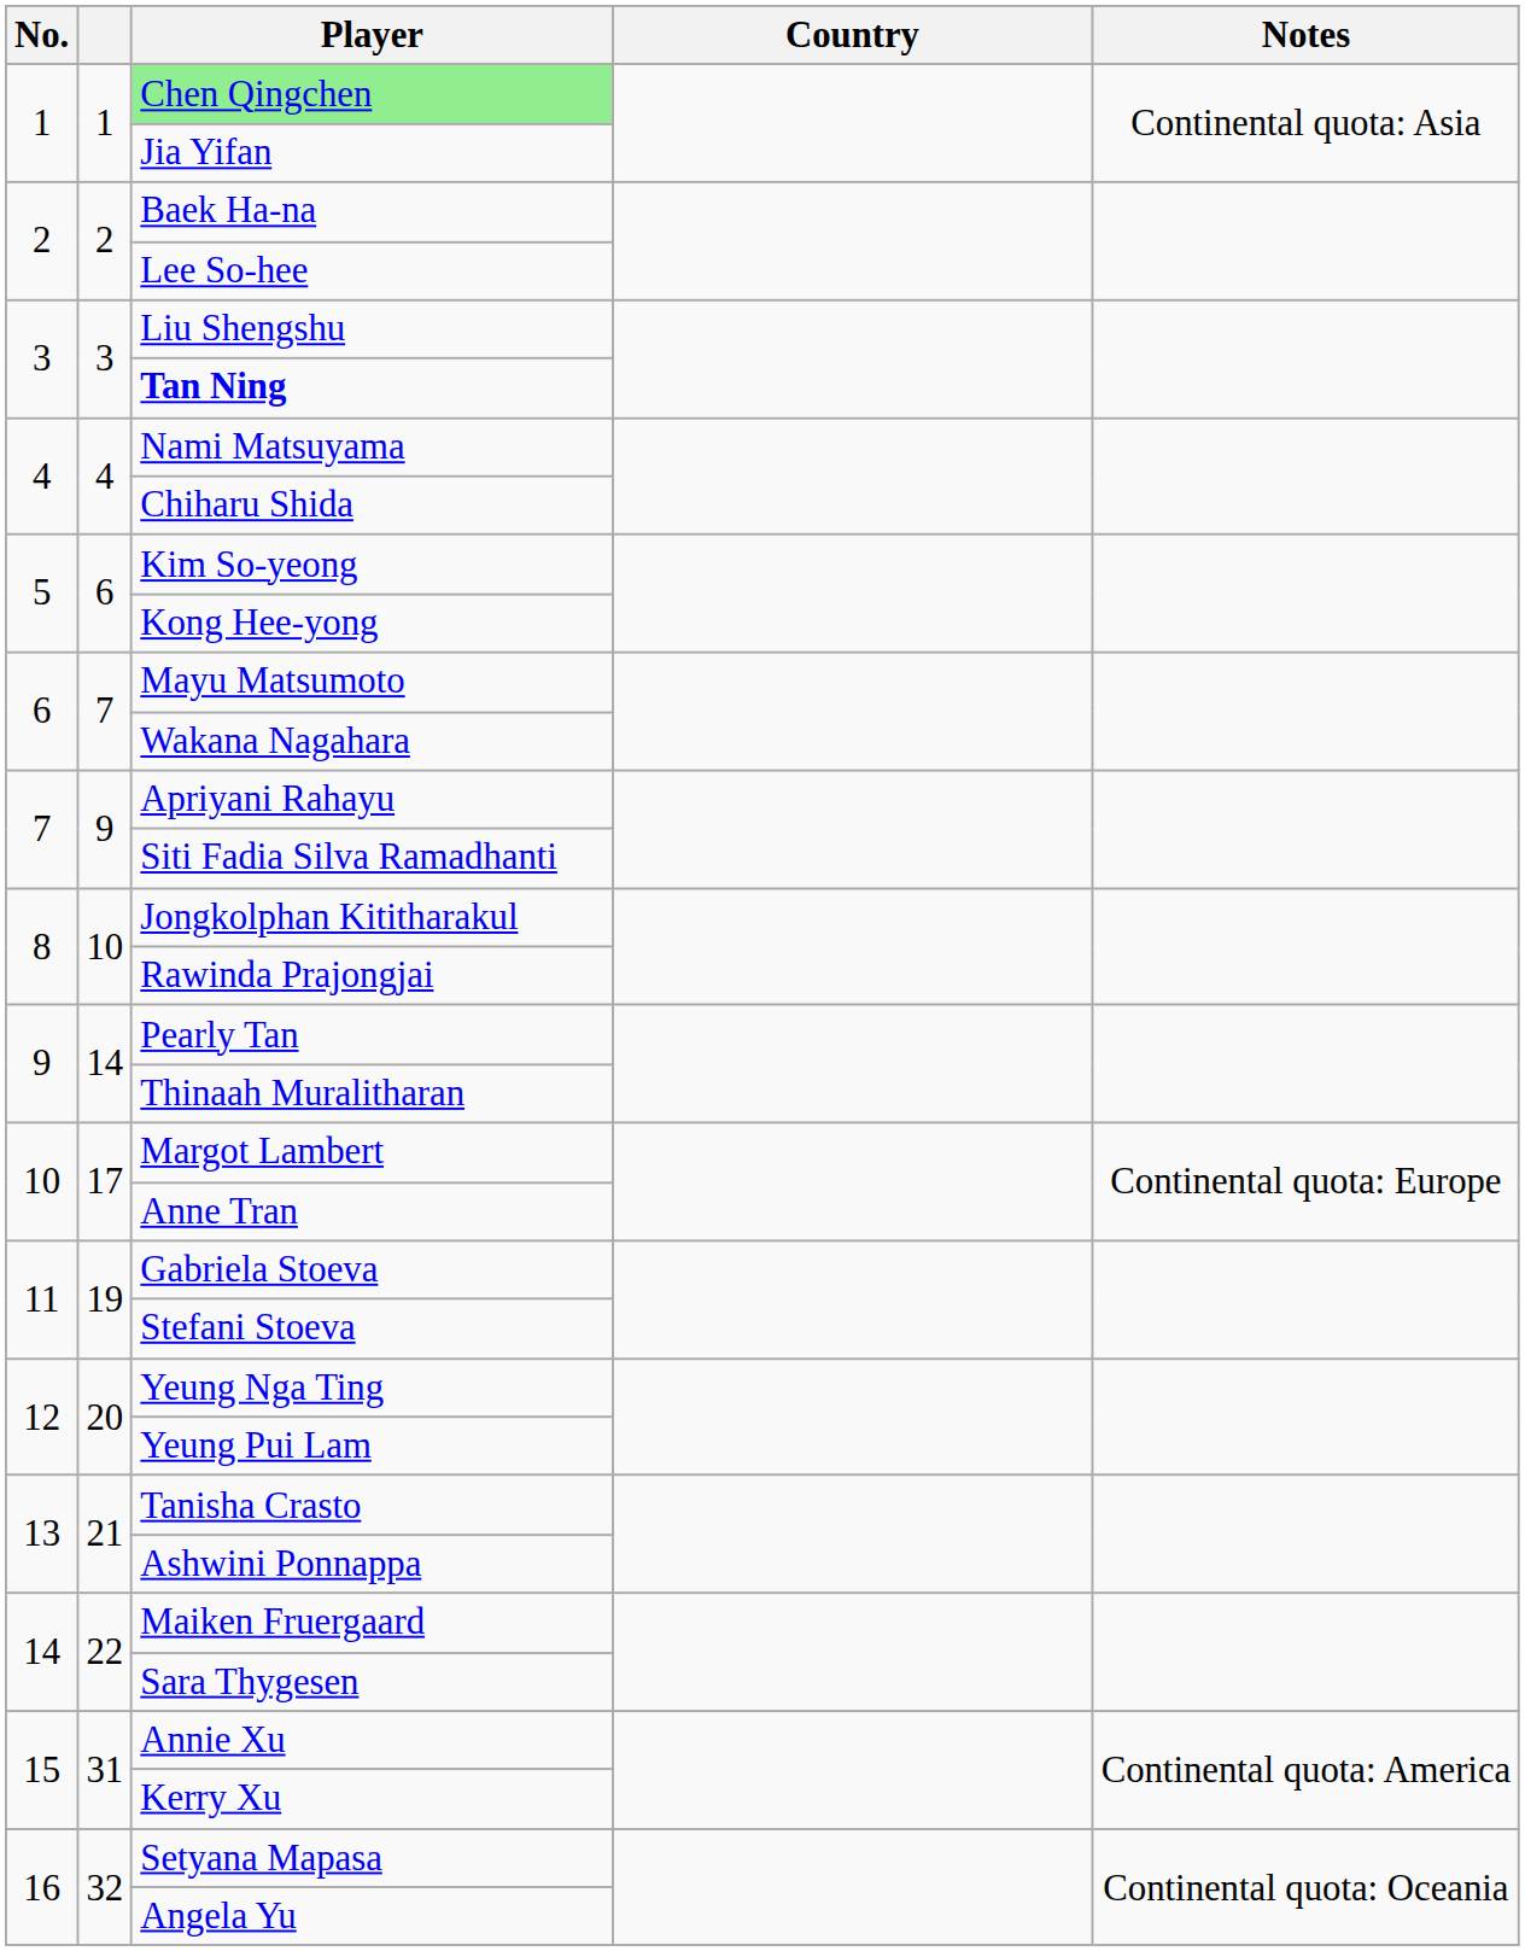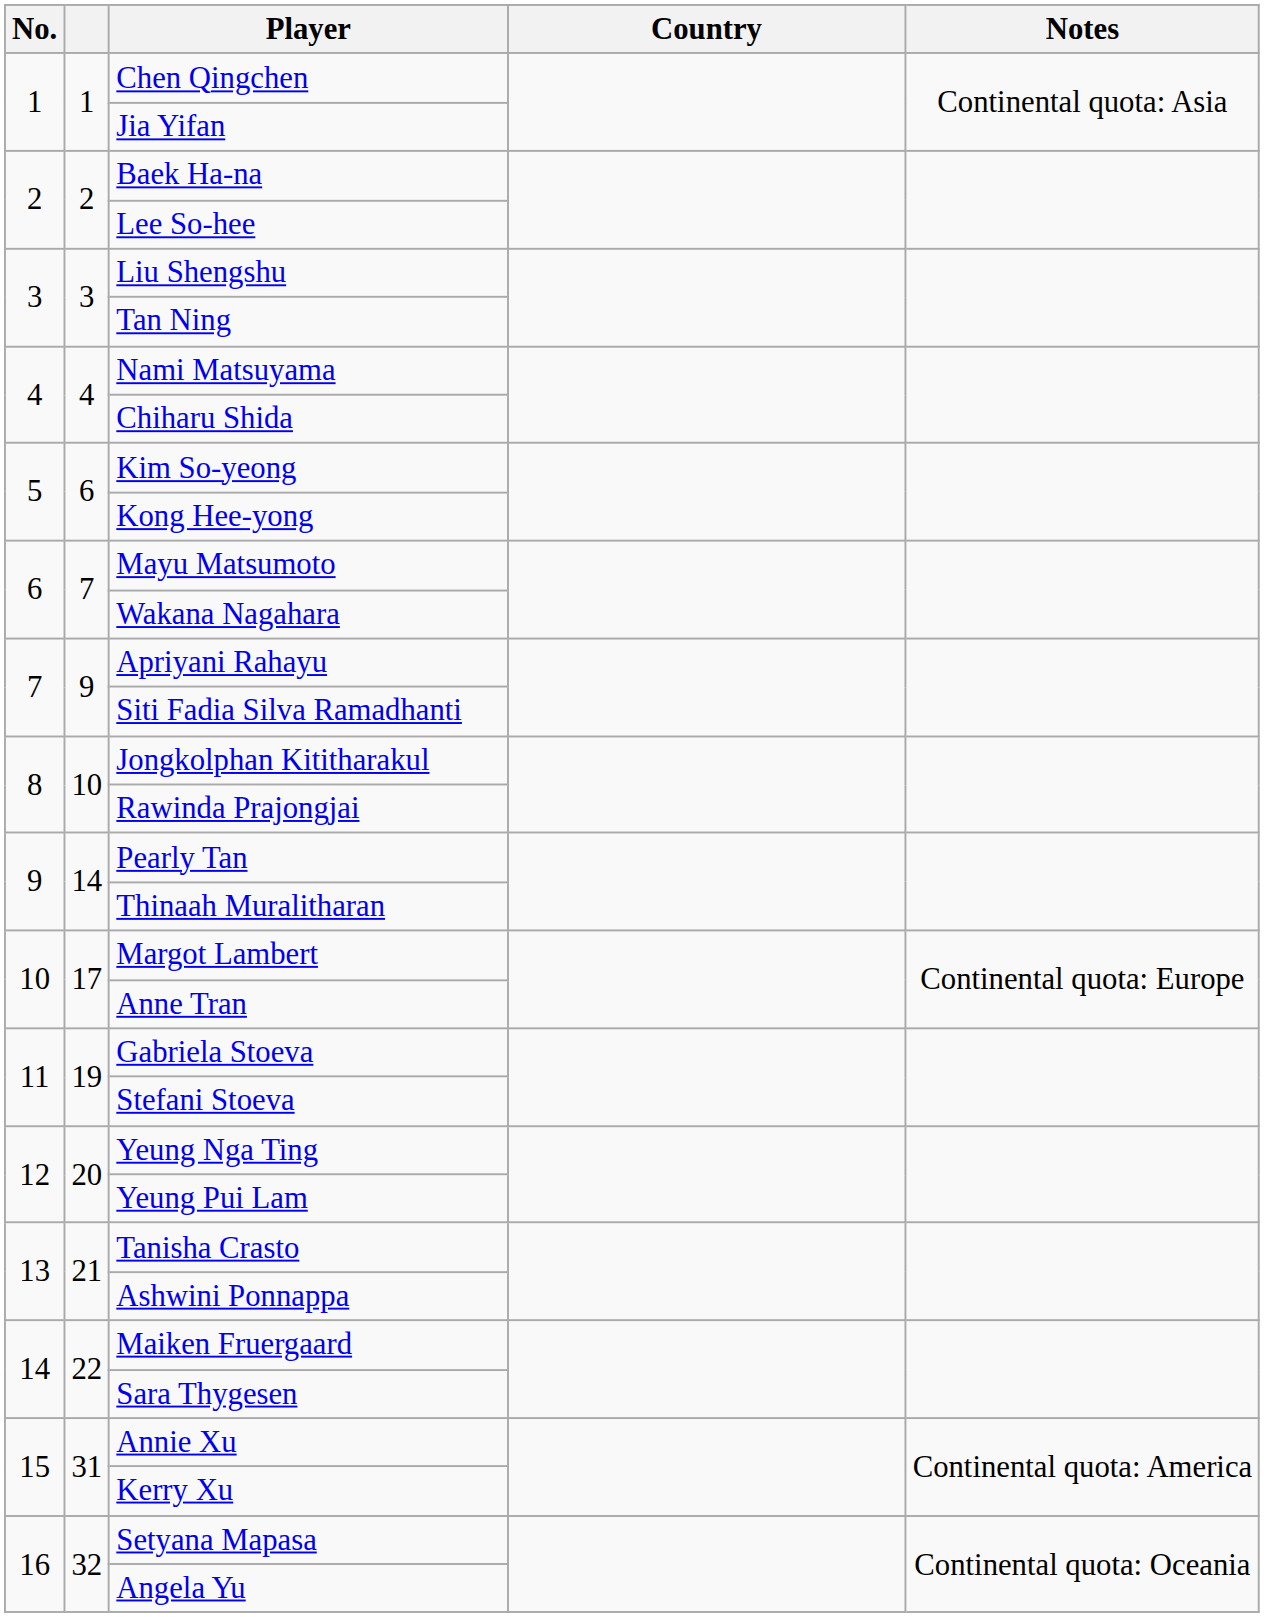 <table class="wikitable sortable" style="text-align:center">
 <tr>
 <th>No.</th>
 <th></th>
 <th width="200">Player</th>
 <th width="200">Country</th>
 <th>Notes</th>
 </tr>
 <tr>
 <td rowspan=2>1</td>
 <td rowspan=2>1</td>
-<td align=left style="background: lightgreen;"><a href='#'>Chen Qingchen</a></td>
+<td align=left><a href='#'>Chen Qingchen</a></td>
 <td rowspan=2 align=left></td>
 <td rowspan=2>Continental quota: Asia</td>
 </tr>
 <tr>
 <td align=left><a href='#'>Jia Yifan</a></td>
 </tr>
 <tr>
 <td rowspan=2>2</td>
 <td rowspan=2>2</td>
 <td align=left><a href='#'>Baek Ha-na</a></td>
 <td rowspan=2 align=left></td>
 <td rowspan=2></td>
 </tr>
 <tr>
 <td align=left><a href='#'>Lee So-hee</a></td>
 </tr>
 <tr>
 <td rowspan=2>3</td>
 <td rowspan=2>3</td>
 <td align=left><a href='#'>Liu Shengshu</a></td>
 <td rowspan=2 align=left></td>
 <td rowspan=2></td>
 </tr>
 <tr>
-<td align=left><strong><a href='#'>Tan Ning</a></strong></td>
+<td align=left><a href='#'>Tan Ning</a></td>
 </tr>
 <tr>
 <td rowspan=2>4</td>
 <td rowspan=2>4</td>
 <td align=left><a href='#'>Nami Matsuyama</a></td>
 <td rowspan=2 align=left></td>
 <td rowspan=2></td>
 </tr>
 <tr>
 <td align=left><a href='#'>Chiharu Shida</a></td>
 </tr>
 <tr>
 <td rowspan=2>5</td>
 <td rowspan=2>6</td>
 <td align=left><a href='#'>Kim So-yeong</a></td>
 <td rowspan=2 align=left></td>
 <td rowspan=2></td>
 </tr>
 <tr>
 <td align=left><a href='#'>Kong Hee-yong</a></td>
 </tr>
 <tr>
 <td rowspan=2>6</td>
 <td rowspan=2>7</td>
 <td align=left><a href='#'>Mayu Matsumoto</a></td>
 <td rowspan=2 align=left></td>
 <td rowspan=2></td>
 </tr>
 <tr>
 <td align=left><a href='#'>Wakana Nagahara</a></td>
 </tr>
 <tr>
 <td rowspan=2>7</td>
 <td rowspan=2>9</td>
 <td align=left><a href='#'>Apriyani Rahayu</a></td>
 <td rowspan=2 align=left></td>
 <td rowspan=2></td>
 </tr>
 <tr>
 <td align=left><a href='#'>Siti Fadia Silva Ramadhanti</a></td>
 </tr>
 <tr>
 <td rowspan=2>8</td>
 <td rowspan=2>10</td>
 <td align=left><a href='#'>Jongkolphan Kititharakul</a></td>
 <td rowspan=2 align=left></td>
 <td rowspan=2></td>
 </tr>
 <tr>
 <td align=left><a href='#'>Rawinda Prajongjai</a></td>
 </tr>
 <tr>
 <td rowspan=2>9</td>
 <td rowspan=2>14</td>
 <td align=left><a href='#'>Pearly Tan</a></td>
 <td rowspan=2 align=left></td>
 <td rowspan=2></td>
 </tr>
 <tr>
 <td align=left><a href='#'>Thinaah Muralitharan</a></td>
 </tr>
 <tr>
 <td rowspan=2>10</td>
 <td rowspan=2>17</td>
 <td align=left><a href='#'>Margot Lambert</a></td>
 <td rowspan=2 align=left></td>
 <td rowspan=2>Continental quota: Europe</td>
 </tr>
 <tr>
 <td align=left><a href='#'>Anne Tran</a></td>
 </tr>
 <tr>
 <td rowspan=2>11</td>
 <td rowspan=2>19</td>
 <td align=left><a href='#'>Gabriela Stoeva</a></td>
 <td rowspan=2 align=left></td>
 <td rowspan=2></td>
 </tr>
 <tr>
 <td align=left><a href='#'>Stefani Stoeva</a></td>
 </tr>
 <tr>
 <td rowspan=2>12</td>
 <td rowspan=2>20</td>
 <td align=left><a href='#'>Yeung Nga Ting</a></td>
 <td rowspan=2 align=left></td>
 <td rowspan=2></td>
 </tr>
 <tr>
 <td align=left><a href='#'>Yeung Pui Lam</a></td>
 </tr>
 <tr>
 <td rowspan=2>13</td>
 <td rowspan=2>21</td>
 <td align=left><a href='#'>Tanisha Crasto</a></td>
 <td rowspan=2 align=left></td>
 <td rowspan=2></td>
 </tr>
 <tr>
 <td align=left><a href='#'>Ashwini Ponnappa</a></td>
 </tr>
 <tr>
 <td rowspan=2>14</td>
 <td rowspan=2>22</td>
 <td align=left><a href='#'>Maiken Fruergaard</a></td>
 <td rowspan=2 align=left></td>
 <td rowspan=2></td>
 </tr>
 <tr>
 <td align=left><a href='#'>Sara Thygesen</a></td>
 </tr>
 <tr>
 <td rowspan=2>15</td>
 <td rowspan=2>31</td>
 <td align=left><a href='#'>Annie Xu</a></td>
 <td rowspan=2 align=left></td>
 <td rowspan=2>Continental quota: America</td>
 </tr>
 <tr>
 <td align=left><a href='#'>Kerry Xu</a></td>
 </tr>
 <tr>
 <td rowspan=2>16</td>
 <td rowspan=2>32</td>
 <td align=left><a href='#'>Setyana Mapasa</a></td>
 <td rowspan=2 align=left></td>
 <td rowspan=2>Continental quota: Oceania</td>
 </tr>
 <tr>
 <td align=left><a href='#'>Angela Yu</a></td>
 </tr>
 </table>
